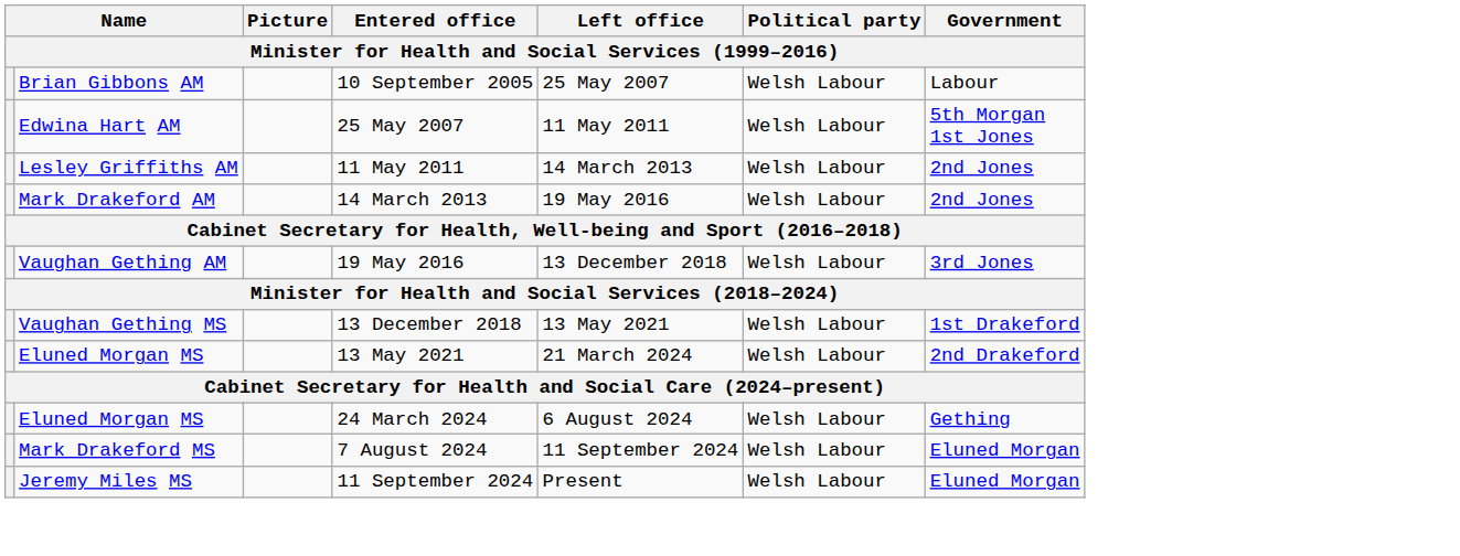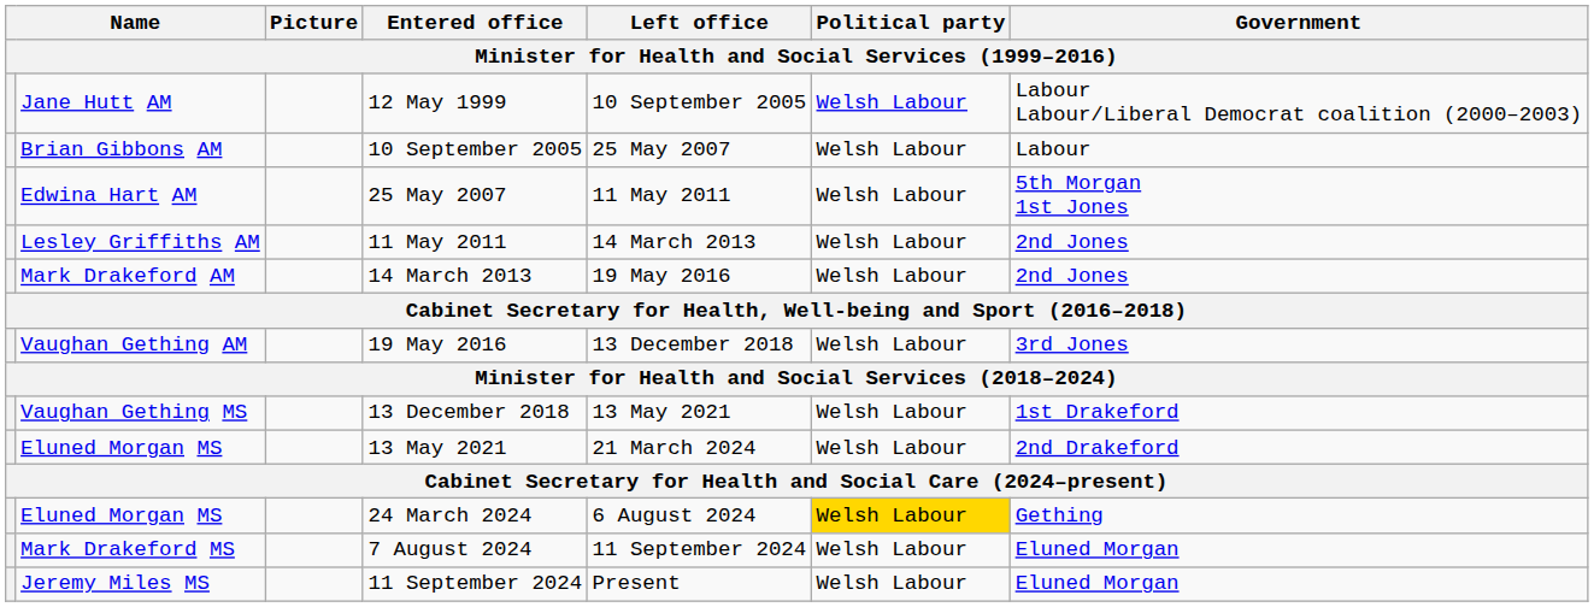 <table class="wikitable">
 <tr>
 <th colspan=2>Name</th>
 <th>Picture</th>
 <th>Entered office</th>
 <th>Left office</th>
 <th>Political party</th>
 <th>Government</th>
 </tr>
 <tr>
 <th colspan=7>Minister for Health and Social Services (1999–2016)</th>
+</tr>
+<tr>
+<th style="background-color:"></th>
+<td><a href='#'>Jane Hutt</a> <a href='#'>AM</a></td>
+<td></td>
+<td>12 May 1999</td>
+<td>10 September 2005</td>
+<td><a href='#'>Welsh Labour</a></td>
+<td>Labour<br>Labour/Liberal Democrat coalition (2000–2003)</td>
 </tr>
 <tr>
 <th style="background-color:"></th>
 <td><a href='#'>Brian Gibbons</a> <a href='#'>AM</a></td>
 <td></td>
 <td>10 September 2005</td>
 <td>25 May 2007</td>
 <td>Welsh Labour</td>
 <td>Labour</td>
 </tr>
 <tr>
 <th style="background-color:"></th>
 <td><a href='#'>Edwina Hart</a> <a href='#'>AM</a></td>
 <td></td>
 <td>25 May 2007</td>
 <td>11 May 2011</td>
 <td>Welsh Labour</td>
 <td><a href='#'>5th Morgan</a><br><a href='#'>1st Jones</a></td>
 </tr>
 <tr>
 <th style="background-color:"></th>
 <td><a href='#'>Lesley Griffiths</a> <a href='#'>AM</a></td>
 <td></td>
 <td>11 May 2011</td>
 <td>14 March 2013</td>
 <td>Welsh Labour</td>
 <td><a href='#'>2nd Jones</a></td>
 </tr>
 <tr>
 <th style="background-color:"></th>
 <td><a href='#'>Mark Drakeford</a> <a href='#'>AM</a></td>
 <td></td>
 <td>14 March 2013</td>
 <td>19 May 2016</td>
 <td>Welsh Labour</td>
 <td><a href='#'>2nd Jones</a></td>
 </tr>
 <tr>
 <th colspan=7>Cabinet Secretary for Health, Well-being and Sport (2016–2018)</th>
 </tr>
 <tr>
 <th style="background-color:"></th>
 <td><a href='#'>Vaughan Gething</a> <a href='#'>AM</a></td>
 <td></td>
 <td>19 May 2016</td>
 <td>13 December 2018</td>
 <td>Welsh Labour</td>
 <td><a href='#'>3rd Jones</a></td>
 </tr>
 <tr>
 <th colspan=7>Minister for Health and Social Services (2018–2024)</th>
 </tr>
 <tr>
 <th style="background-color:"></th>
 <td><a href='#'>Vaughan Gething</a> <a href='#'>MS</a></td>
 <td></td>
 <td>13 December 2018</td>
 <td>13 May 2021</td>
 <td>Welsh Labour</td>
 <td><a href='#'>1st Drakeford</a></td>
 </tr>
 <tr>
 <th style="background-color:"></th>
 <td><a href='#'>Eluned Morgan</a> <a href='#'>MS</a></td>
 <td></td>
 <td>13 May 2021</td>
 <td>21 March 2024</td>
 <td>Welsh Labour</td>
 <td><a href='#'>2nd Drakeford</a></td>
 </tr>
 <tr>
 <th colspan=7>Cabinet Secretary for Health and Social Care (2024–present)</th>
 </tr>
 <tr>
 <th style="background-color:"></th>
 <td><a href='#'>Eluned Morgan</a> <a href='#'>MS</a></td>
 <td></td>
 <td>24 March 2024</td>
 <td>6 August 2024</td>
-<td>Welsh Labour</td>
+<td style="background: gold;">Welsh Labour</td>
 <td><a href='#'>Gething</a></td>
 </tr>
 <tr>
 <th style="background-color:"></th>
 <td><a href='#'>Mark Drakeford</a> <a href='#'>MS</a></td>
 <td></td>
 <td>7 August 2024</td>
 <td>11 September 2024</td>
 <td>Welsh Labour</td>
 <td><a href='#'>Eluned Morgan</a></td>
 </tr>
 <tr>
 <th style="background-color:"></th>
 <td><a href='#'>Jeremy Miles</a> <a href='#'>MS</a></td>
 <td></td>
 <td>11 September 2024</td>
 <td>Present</td>
 <td>Welsh Labour</td>
 <td><a href='#'>Eluned Morgan</a></td>
 </tr>
 </table>
